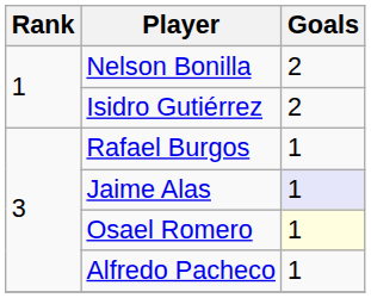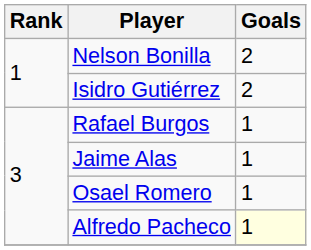 <table class="wikitable" border="1">
 <tr>
 <th>Rank</th>
 <th>Player</th>
 <th>Goals</th>
 </tr>
 <tr>
 <td rowspan="2">1</td>
 <td><a href='#'>Nelson Bonilla</a></td>
 <td>2</td>
 </tr>
 <tr>
 <td><a href='#'>Isidro Gutiérrez</a></td>
 <td>2</td>
 </tr>
 <tr>
 <td rowspan="4">3</td>
 <td><a href='#'>Rafael Burgos</a></td>
 <td>1</td>
 </tr>
 <tr>
 <td><a href='#'>Jaime Alas</a></td>
-<td style="background: lavender;">1</td>
+<td>1</td>
 </tr>
 <tr>
 <td><a href='#'>Osael Romero</a></td>
-<td style="background: lightyellow;">1</td>
+<td>1</td>
 </tr>
 <tr>
 <td><a href='#'>Alfredo Pacheco</a></td>
-<td>1</td>
+<td style="background: lightyellow;">1</td>
 </tr>
 <tr>
 </tr>
 </table>
